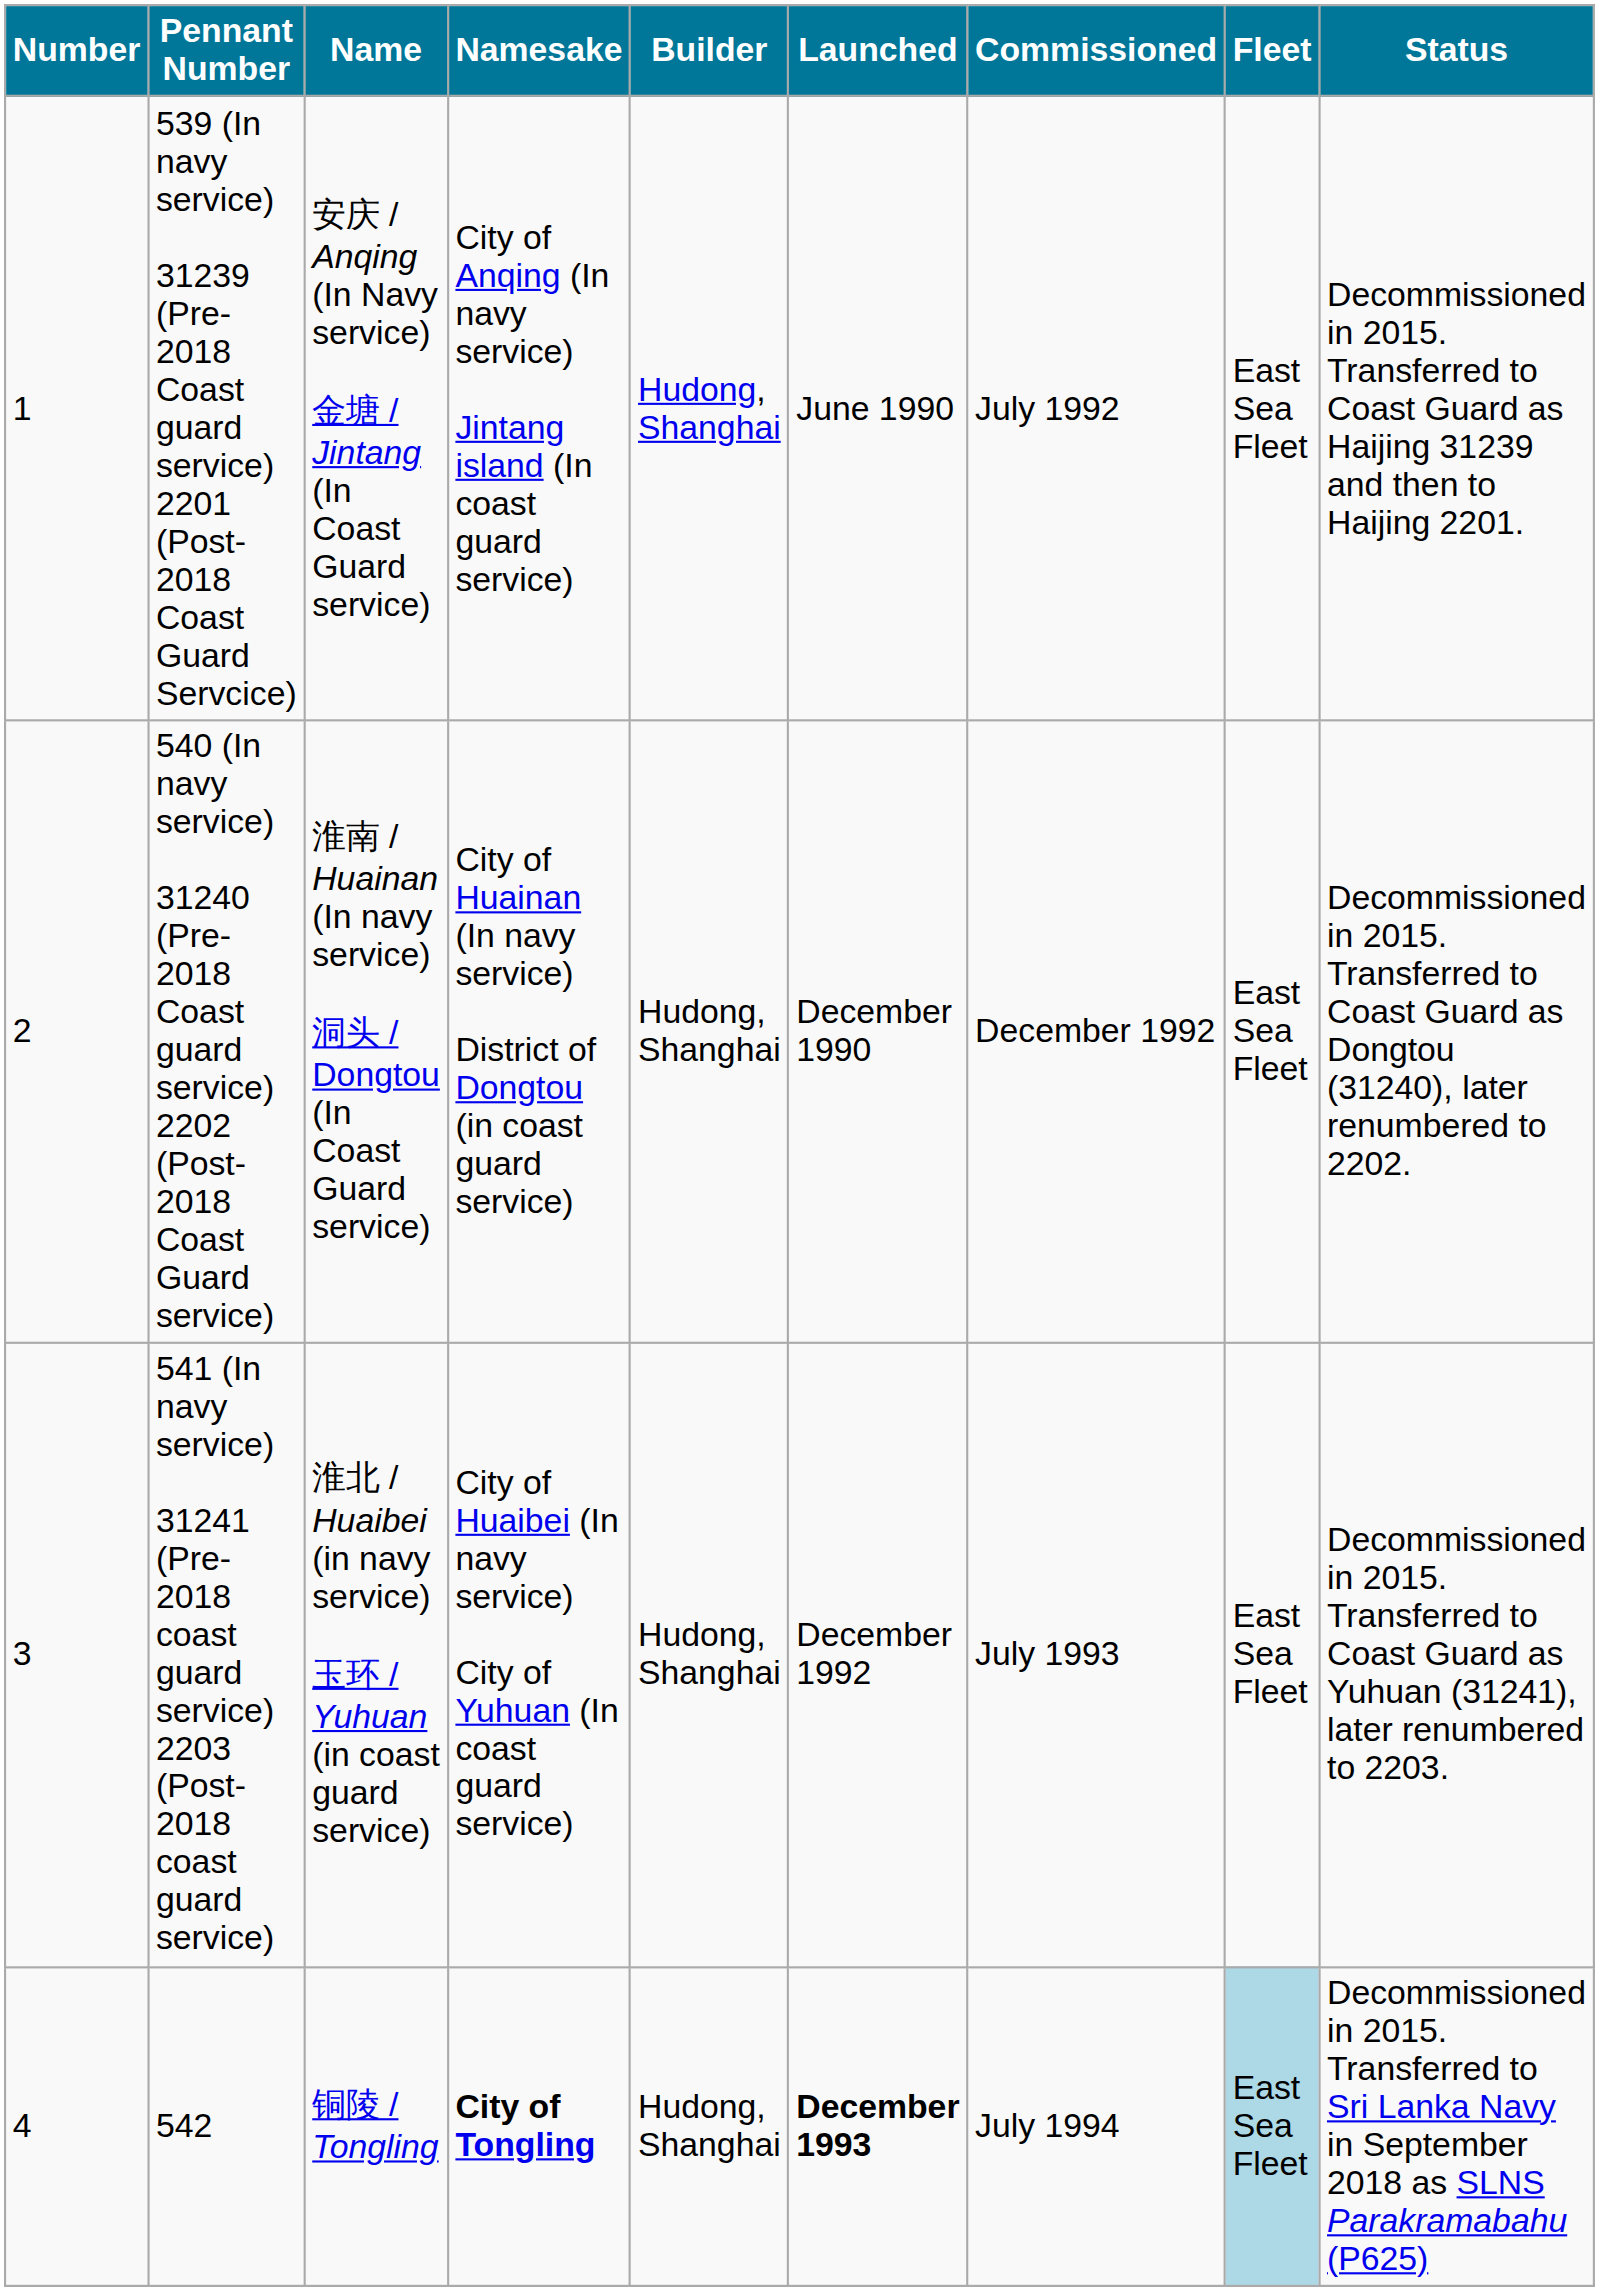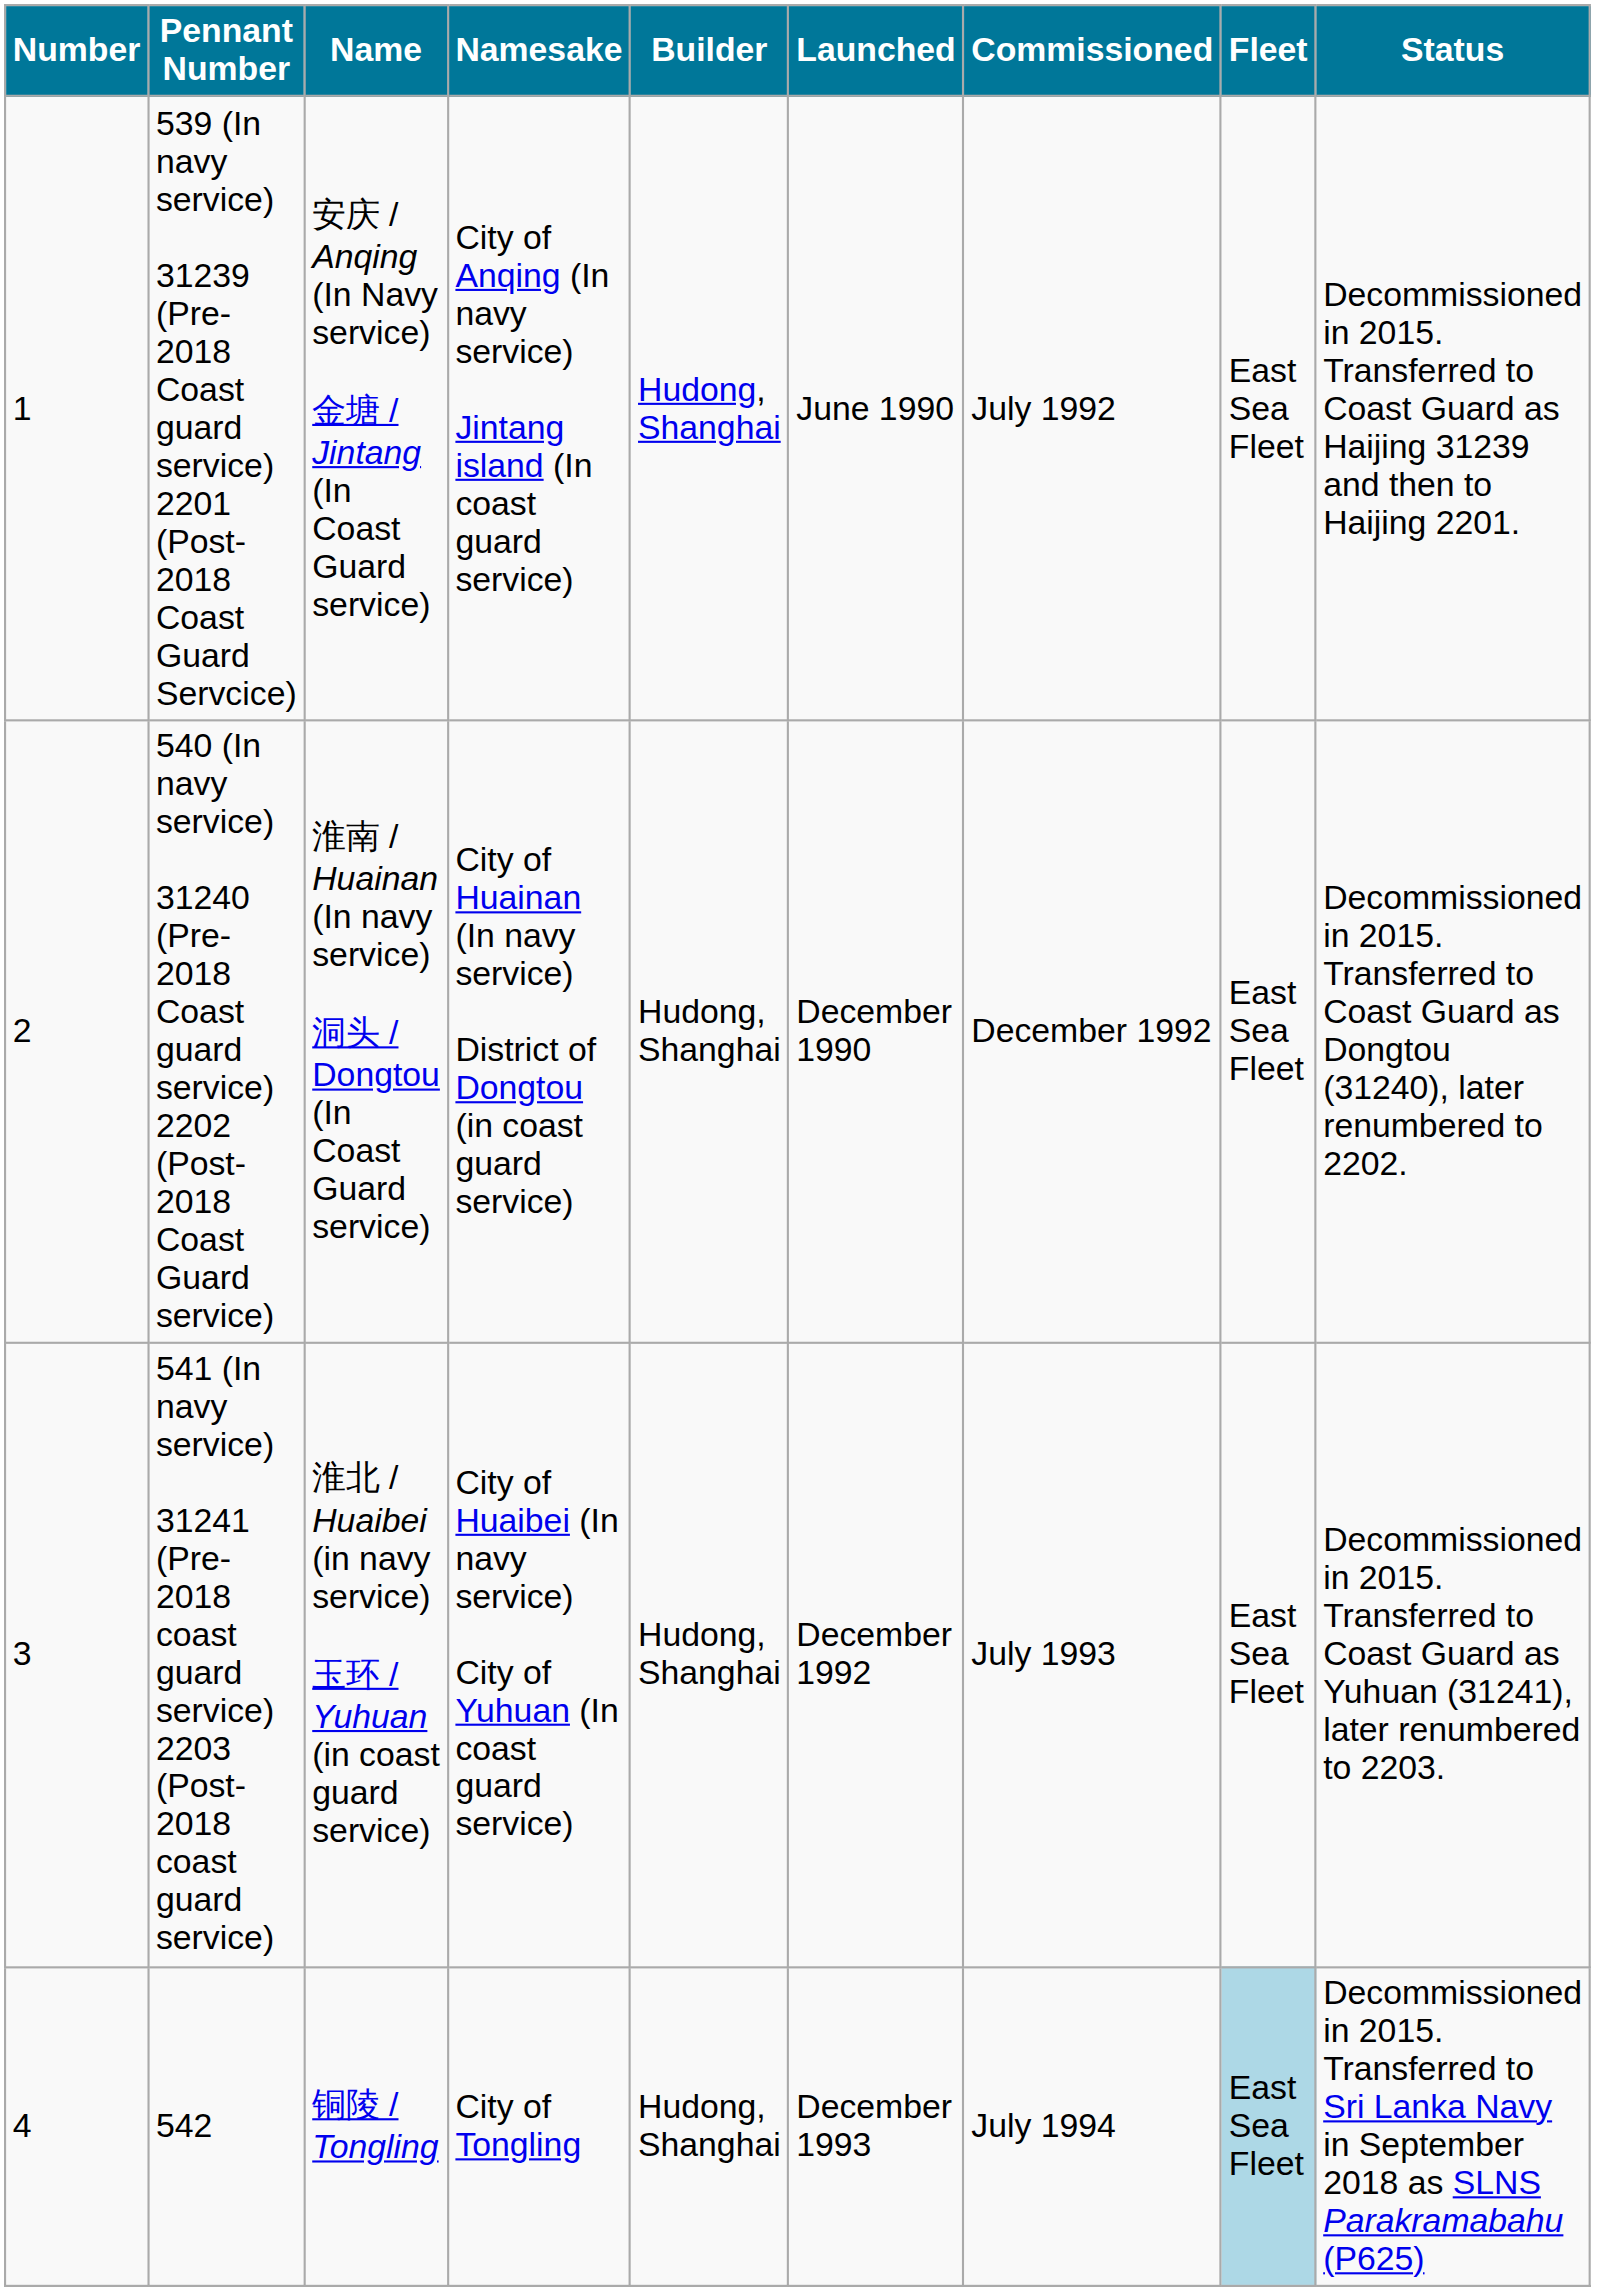 <table class="wikitable">
 <tr>
 <th style="background:#079;color:#fff;">Number</th>
 <th style="background:#079;color:#fff;">Pennant Number</th>
 <th style="background:#079;color:#fff;">Name</th>
 <th style="background:#079;color:#fff;">Namesake</th>
 <th style="background:#079;color:#fff;">Builder</th>
 <th style="background:#079;color:#fff;">Launched</th>
 <th style="background:#079;color:#fff;">Commissioned</th>
 <th style="background:#079;color:#fff;">Fleet</th>
 <th style="background:#079;color:#fff;">Status</th>
 </tr>
 <tr>
 <td>1</td>
 <td>539 (In navy service)<br><br>31239 (Pre-2018 Coast guard service)<br> 2201 (Post-2018 Coast Guard Servcice)</td>
 <td>安庆 / <em>Anqing</em> (In Navy service)<br><br><a href='#'>金塘 / <em>Jintang</em></a> (In Coast Guard service)</td>
 <td>City of <a href='#'>Anqing</a> (In navy service)<br><br><a href='#'>Jintang island</a> (In coast guard service)</td>
 <td><a href='#'>Hudong</a>, <a href='#'>Shanghai</a></td>
 <td>June 1990</td>
 <td>July 1992</td>
 <td>East Sea Fleet</td>
 <td>Decommissioned in 2015. Transferred to Coast Guard as Haijing 31239 and then to Haijing 2201.</td>
 </tr>
 <tr>
 <td>2</td>
 <td>540 (In navy service)<br><br>31240 (Pre-2018 Coast guard service)<br> 2202 (Post-2018 Coast Guard service)</td>
 <td>淮南 / <em>Huainan</em> (In navy service)<br><br><a href='#'>洞头 / Dongtou</a> (In Coast Guard service)</td>
 <td>City of <a href='#'>Huainan</a> (In navy service)<br><br>District of <a href='#'>Dongtou</a> (in coast guard service)</td>
 <td>Hudong, Shanghai</td>
 <td>December 1990</td>
 <td>December 1992</td>
 <td>East Sea Fleet</td>
 <td>Decommissioned in 2015. Transferred to Coast Guard as Dongtou (31240), later renumbered to 2202.</td>
 </tr>
 <tr>
 <td>3</td>
 <td>541 (In navy service)<br><br>31241 (Pre-2018 coast guard service)<br> 2203 (Post-2018 coast guard service)</td>
 <td>淮北 / <em>Huaibei</em> (in navy service)<br><br><a href='#'>玉环 / <em>Yuhuan</em></a> (in coast guard service)</td>
 <td>City of <a href='#'>Huaibei</a> (In navy service)<br><br>City of <a href='#'>Yuhuan</a> (In coast guard service)</td>
 <td>Hudong, Shanghai</td>
 <td>December 1992</td>
 <td>July 1993</td>
 <td>East Sea Fleet</td>
 <td>Decommissioned in 2015. Transferred to Coast Guard as Yuhuan (31241), later renumbered to 2203.</td>
 </tr>
 <tr>
 <td>4</td>
 <td>542</td>
 <td><a href='#'>铜陵 / <em>Tongling</em></a></td>
-<td><strong>City of <a href='#'>Tongling</a></strong></td>
+<td>City of <a href='#'>Tongling</a></td>
 <td>Hudong, Shanghai</td>
-<td><strong>December 1993</strong></td>
+<td>December 1993</td>
 <td>July 1994</td>
 <td style="background: lightblue;">East Sea Fleet</td>
 <td>Decommissioned in 2015. Transferred to <a href='#'>Sri Lanka Navy</a> in September 2018 as <a href='#'>SLNS <em>Parakramabahu</em> (P625)</a></td>
 </tr>
 <tr>
 </tr>
 </table>
